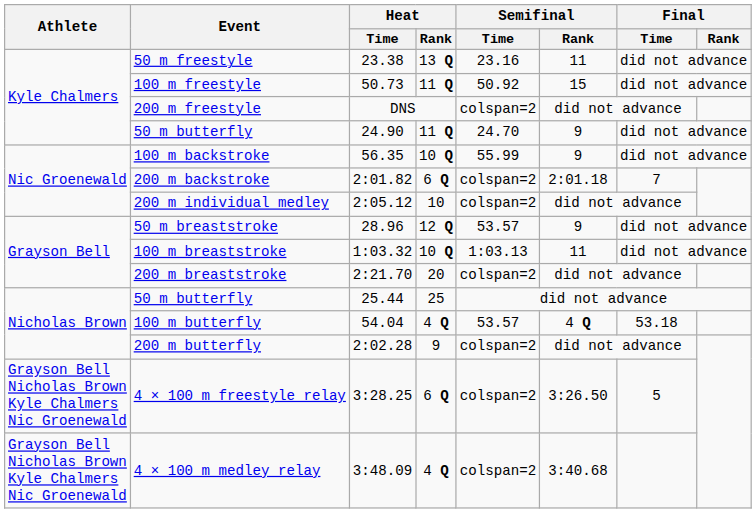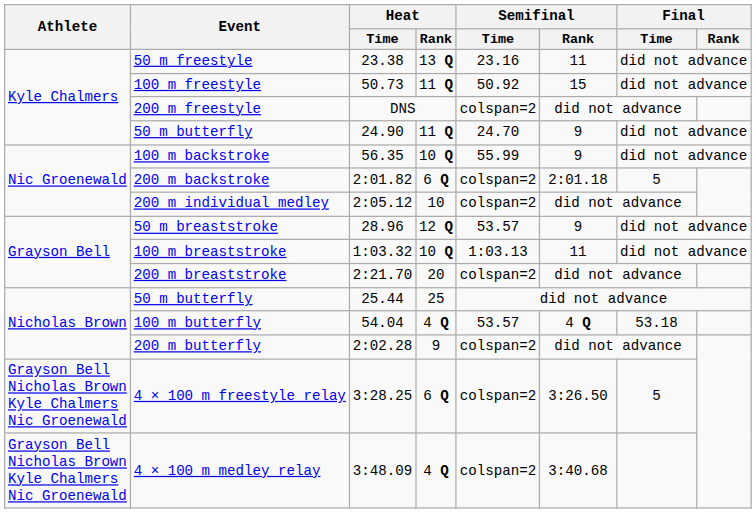 <table class=wikitable style=font-size:90%>
 <tr>
 <th rowspan=2>Athlete</th>
 <th rowspan=2>Event</th>
 <th colspan=2>Heat</th>
 <th colspan=2>Semifinal</th>
 <th colspan=2>Final</th>
 </tr>
 <tr style=font-size:95%>
 <th>Time</th>
 <th>Rank</th>
 <th>Time</th>
 <th>Rank</th>
 <th>Time</th>
 <th>Rank</th>
 </tr>
 <tr align=center>
 <td align=left rowspan=4><a href='#'>Kyle Chalmers</a></td>
 <td align=left><a href='#'>50 m freestyle</a></td>
 <td>23.38</td>
 <td>13 <strong>Q</strong></td>
 <td>23.16</td>
 <td>11</td>
 <td colspan=2>did not advance</td>
 </tr>
 <tr align=center>
 <td align=left><a href='#'>100 m freestyle</a></td>
 <td>50.73</td>
 <td>11 <strong>Q</strong></td>
 <td>50.92</td>
 <td>15</td>
 <td colspan=2>did not advance</td>
 </tr>
 <tr align=center>
 <td align=left><a href='#'>200 m freestyle</a></td>
 <td colspan=2>DNS</td>
 <td>colspan=2 </td>
 <td colspan=2>did not advance</td>
 </tr>
 <tr align=center>
 <td align=left><a href='#'>50 m butterfly</a></td>
 <td>24.90</td>
 <td>11 <strong>Q</strong></td>
 <td>24.70</td>
 <td>9</td>
 <td colspan=2>did not advance</td>
 </tr>
 <tr align=center>
 <td align=left rowspan=3><a href='#'>Nic Groenewald</a></td>
 <td align=left><a href='#'>100 m backstroke</a></td>
 <td>56.35</td>
 <td>10 <strong>Q</strong></td>
 <td>55.99</td>
 <td>9</td>
 <td colspan=2>did not advance</td>
 </tr>
 <tr align=center>
 <td align=left><a href='#'>200 m backstroke</a></td>
 <td>2:01.82</td>
 <td>6 <strong>Q</strong></td>
 <td>colspan=2 </td>
 <td>2:01.18</td>
-<td>7</td>
+<td>5</td>
 </tr>
 <tr align=center>
 <td align=left><a href='#'>200 m individual medley</a></td>
 <td>2:05.12</td>
 <td>10</td>
 <td>colspan=2 </td>
 <td colspan=2>did not advance</td>
 </tr>
 <tr align=center>
 <td align=left rowspan=3><a href='#'>Grayson Bell</a></td>
 <td align=left><a href='#'>50 m breaststroke</a></td>
 <td>28.96</td>
 <td>12 <strong>Q</strong></td>
 <td>53.57</td>
 <td>9</td>
 <td colspan=2>did not advance</td>
 </tr>
 <tr align=center>
 <td align=left><a href='#'>100 m breaststroke</a></td>
 <td>1:03.32</td>
 <td>10 <strong>Q</strong></td>
 <td>1:03.13</td>
 <td>11</td>
 <td colspan=2>did not advance</td>
 </tr>
 <tr align=center>
 <td align=left><a href='#'>200 m breaststroke</a></td>
 <td>2:21.70</td>
 <td>20</td>
 <td>colspan=2 </td>
 <td colspan=2>did not advance</td>
 </tr>
 <tr align=center>
 <td align=left rowspan=3><a href='#'>Nicholas Brown</a></td>
 <td align=left><a href='#'>50 m butterfly</a></td>
 <td>25.44</td>
 <td>25</td>
 <td colspan=4>did not advance</td>
 </tr>
 <tr align=center>
 <td align=left><a href='#'>100 m butterfly</a></td>
 <td>54.04</td>
 <td>4 <strong>Q</strong></td>
 <td>53.57</td>
 <td>4 <strong>Q</strong></td>
 <td>53.18</td>
 <td></td>
 </tr>
 <tr align=center>
 <td align=left><a href='#'>200 m butterfly</a></td>
 <td>2:02.28</td>
 <td>9</td>
 <td>colspan=2 </td>
 <td colspan=2>did not advance</td>
 </tr>
 <tr align=center>
 <td align=left><a href='#'>Grayson Bell</a><br><a href='#'>Nicholas Brown</a><br><a href='#'>Kyle Chalmers</a><br><a href='#'>Nic Groenewald</a></td>
 <td align=left><a href='#'>4 × 100 m freestyle relay</a></td>
 <td>3:28.25</td>
 <td>6 <strong>Q</strong></td>
 <td>colspan=2 </td>
 <td>3:26.50</td>
 <td>5</td>
 </tr>
 <tr align=center>
 <td align=left><a href='#'>Grayson Bell</a><br><a href='#'>Nicholas Brown</a><br><a href='#'>Kyle Chalmers</a><br><a href='#'>Nic Groenewald</a></td>
 <td align=left><a href='#'>4 × 100 m medley relay</a></td>
 <td>3:48.09</td>
 <td>4 <strong>Q</strong></td>
 <td>colspan=2 </td>
 <td>3:40.68</td>
 <td></td>
 </tr>
 </table>
